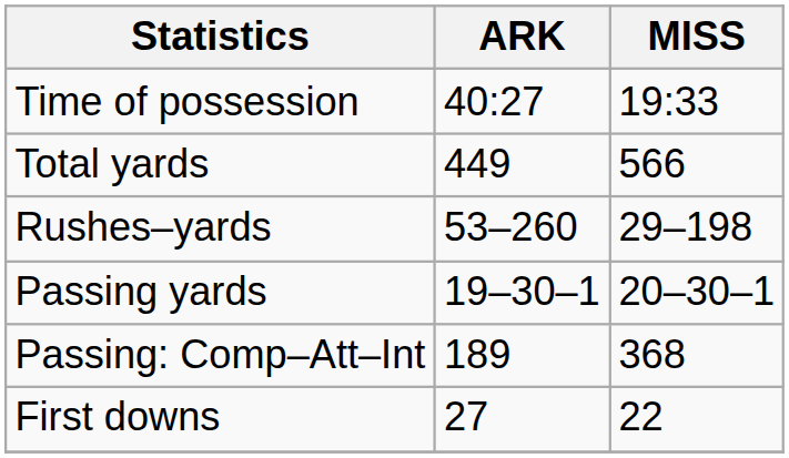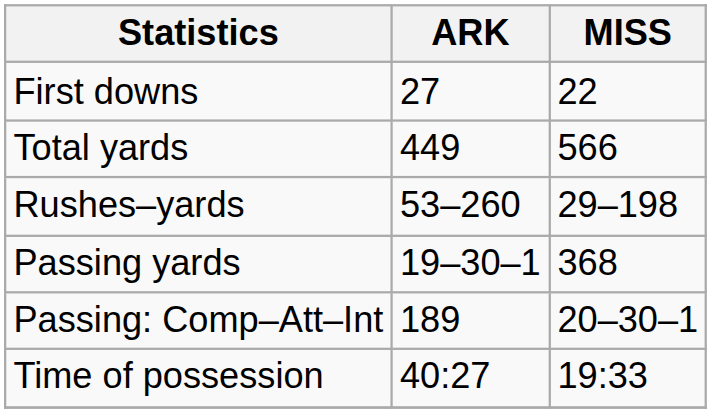 <table class="wikitable" style="float: left;">
 <tr>
 <th>Statistics</th>
 <th>ARK</th>
 <th>MISS</th>
 </tr>
 <tr>
-<td>Time of possession</td>
-<td>40:27</td>
-<td>19:33</td>
+<td>First downs</td>
+<td>27</td>
+<td>22</td>
 </tr>
 <tr>
 <td>Total yards</td>
 <td>449</td>
 <td>566</td>
 </tr>
 <tr>
 <td>Rushes–yards</td>
 <td>53–260</td>
 <td>29–198</td>
 </tr>
 <tr>
 <td>Passing yards</td>
 <td>19–30–1</td>
-<td>20–30–1</td>
+<td>368</td>
 </tr>
 <tr>
 <td>Passing: Comp–Att–Int</td>
 <td>189</td>
-<td>368</td>
+<td>20–30–1</td>
 </tr>
 <tr>
-<td>First downs</td>
-<td>27</td>
-<td>22</td>
+<td>Time of possession</td>
+<td>40:27</td>
+<td>19:33</td>
 </tr>
 <tr>
 </tr>
 </table>
